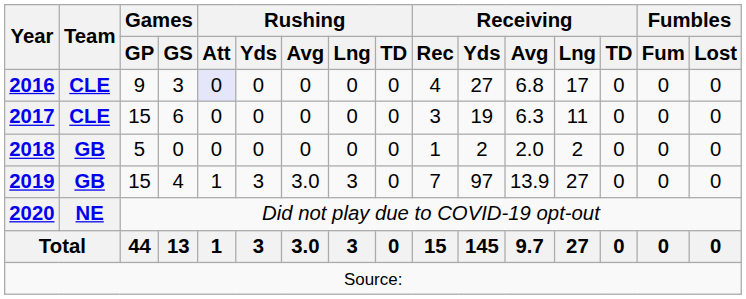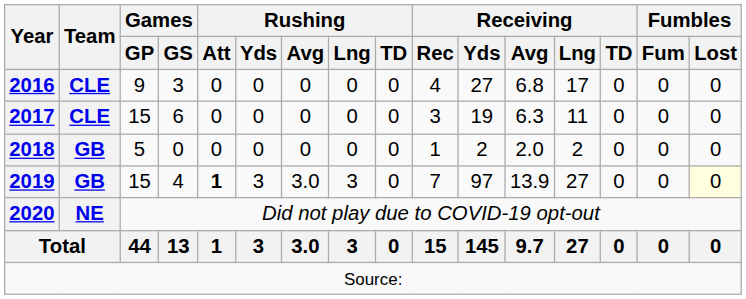 <table class="wikitable" style="text-align:center;">
 <tr>
 <th rowspan="2">Year</th>
 <th rowspan="2">Team</th>
 <th colspan="2">Games</th>
 <th colspan="5">Rushing</th>
 <th colspan="5">Receiving</th>
 <th colspan="2">Fumbles</th>
 </tr>
 <tr>
 <th>GP</th>
 <th>GS</th>
 <th>Att</th>
 <th>Yds</th>
 <th>Avg</th>
 <th>Lng</th>
 <th>TD</th>
 <th>Rec</th>
 <th>Yds</th>
 <th>Avg</th>
 <th>Lng</th>
 <th>TD</th>
 <th>Fum</th>
 <th>Lost</th>
 </tr>
 <tr>
 <th><a href='#'>2016</a></th>
 <th><a href='#'>CLE</a></th>
 <td>9</td>
 <td>3</td>
-<td style="background: lavender;">0</td>
+<td>0</td>
 <td>0</td>
 <td>0</td>
 <td>0</td>
 <td>0</td>
 <td>4</td>
 <td>27</td>
 <td>6.8</td>
 <td>17</td>
 <td>0</td>
 <td>0</td>
 <td>0</td>
 </tr>
 <tr>
 <th><a href='#'>2017</a></th>
 <th><a href='#'>CLE</a></th>
 <td>15</td>
 <td>6</td>
 <td>0</td>
 <td>0</td>
 <td>0</td>
 <td>0</td>
 <td>0</td>
 <td>3</td>
 <td>19</td>
 <td>6.3</td>
 <td>11</td>
 <td>0</td>
 <td>0</td>
 <td>0</td>
 </tr>
 <tr>
 <th><a href='#'>2018</a></th>
 <th><a href='#'>GB</a></th>
 <td>5</td>
 <td>0</td>
 <td>0</td>
 <td>0</td>
 <td>0</td>
 <td>0</td>
 <td>0</td>
 <td>1</td>
 <td>2</td>
 <td>2.0</td>
 <td>2</td>
 <td>0</td>
 <td>0</td>
 <td>0</td>
 </tr>
 <tr>
 <th><a href='#'>2019</a></th>
 <th><a href='#'>GB</a></th>
 <td>15</td>
 <td>4</td>
-<td>1</td>
+<td><strong>1</strong></td>
 <td>3</td>
 <td>3.0</td>
 <td>3</td>
 <td>0</td>
 <td>7</td>
 <td>97</td>
 <td>13.9</td>
 <td>27</td>
 <td>0</td>
 <td>0</td>
-<td>0</td>
+<td style="background: lightyellow;">0</td>
 </tr>
 <tr>
 <th><a href='#'>2020</a></th>
 <th><a href='#'>NE</a></th>
 <td colspan="14" style="text-align:center;"><em>Did not play due to COVID-19 opt-out</em></td>
 </tr>
 <tr>
 <th colspan="2">Total</th>
 <th>44</th>
 <th>13</th>
 <th>1</th>
 <th>3</th>
 <th>3.0</th>
 <th>3</th>
 <th>0</th>
 <th>15</th>
 <th>145</th>
 <th>9.7</th>
 <th>27</th>
 <th>0</th>
 <th>0</th>
 <th>0</th>
 </tr>
 <tr>
 <td colspan="16"><small>Source: </small></td>
 </tr>
 </table>
